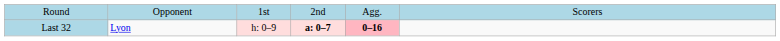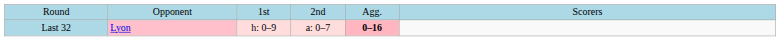 <table class="wikitable" style="text-align:center">
 <tr bgcolor=lightblue>
 <td width=160px>Round</td>
 <td width=200px>Opponent</td>
 <td width=80px>1st</td>
 <td width=80px>2nd</td>
 <td width=80px>Agg.</td>
 <td width=600px>Scorers</td>
 </tr>
 <tr>
 <td bgcolor=lightblue>Last 32</td>
-<td align=left> <a href='#'>Lyon</a></td>
+<td align=left style="background: pink;"> <a href='#'>Lyon</a></td>
 <td bgcolor="#ffdddd">h: 0–9</td>
-<td bgcolor="#ffdddd"><strong>a: 0–7</strong></td>
+<td bgcolor="#ffdddd">a: 0–7</td>
 <td bgcolor=lightpink><strong>0–16</strong></td>
 <td></td>
 </tr>
 </table>
